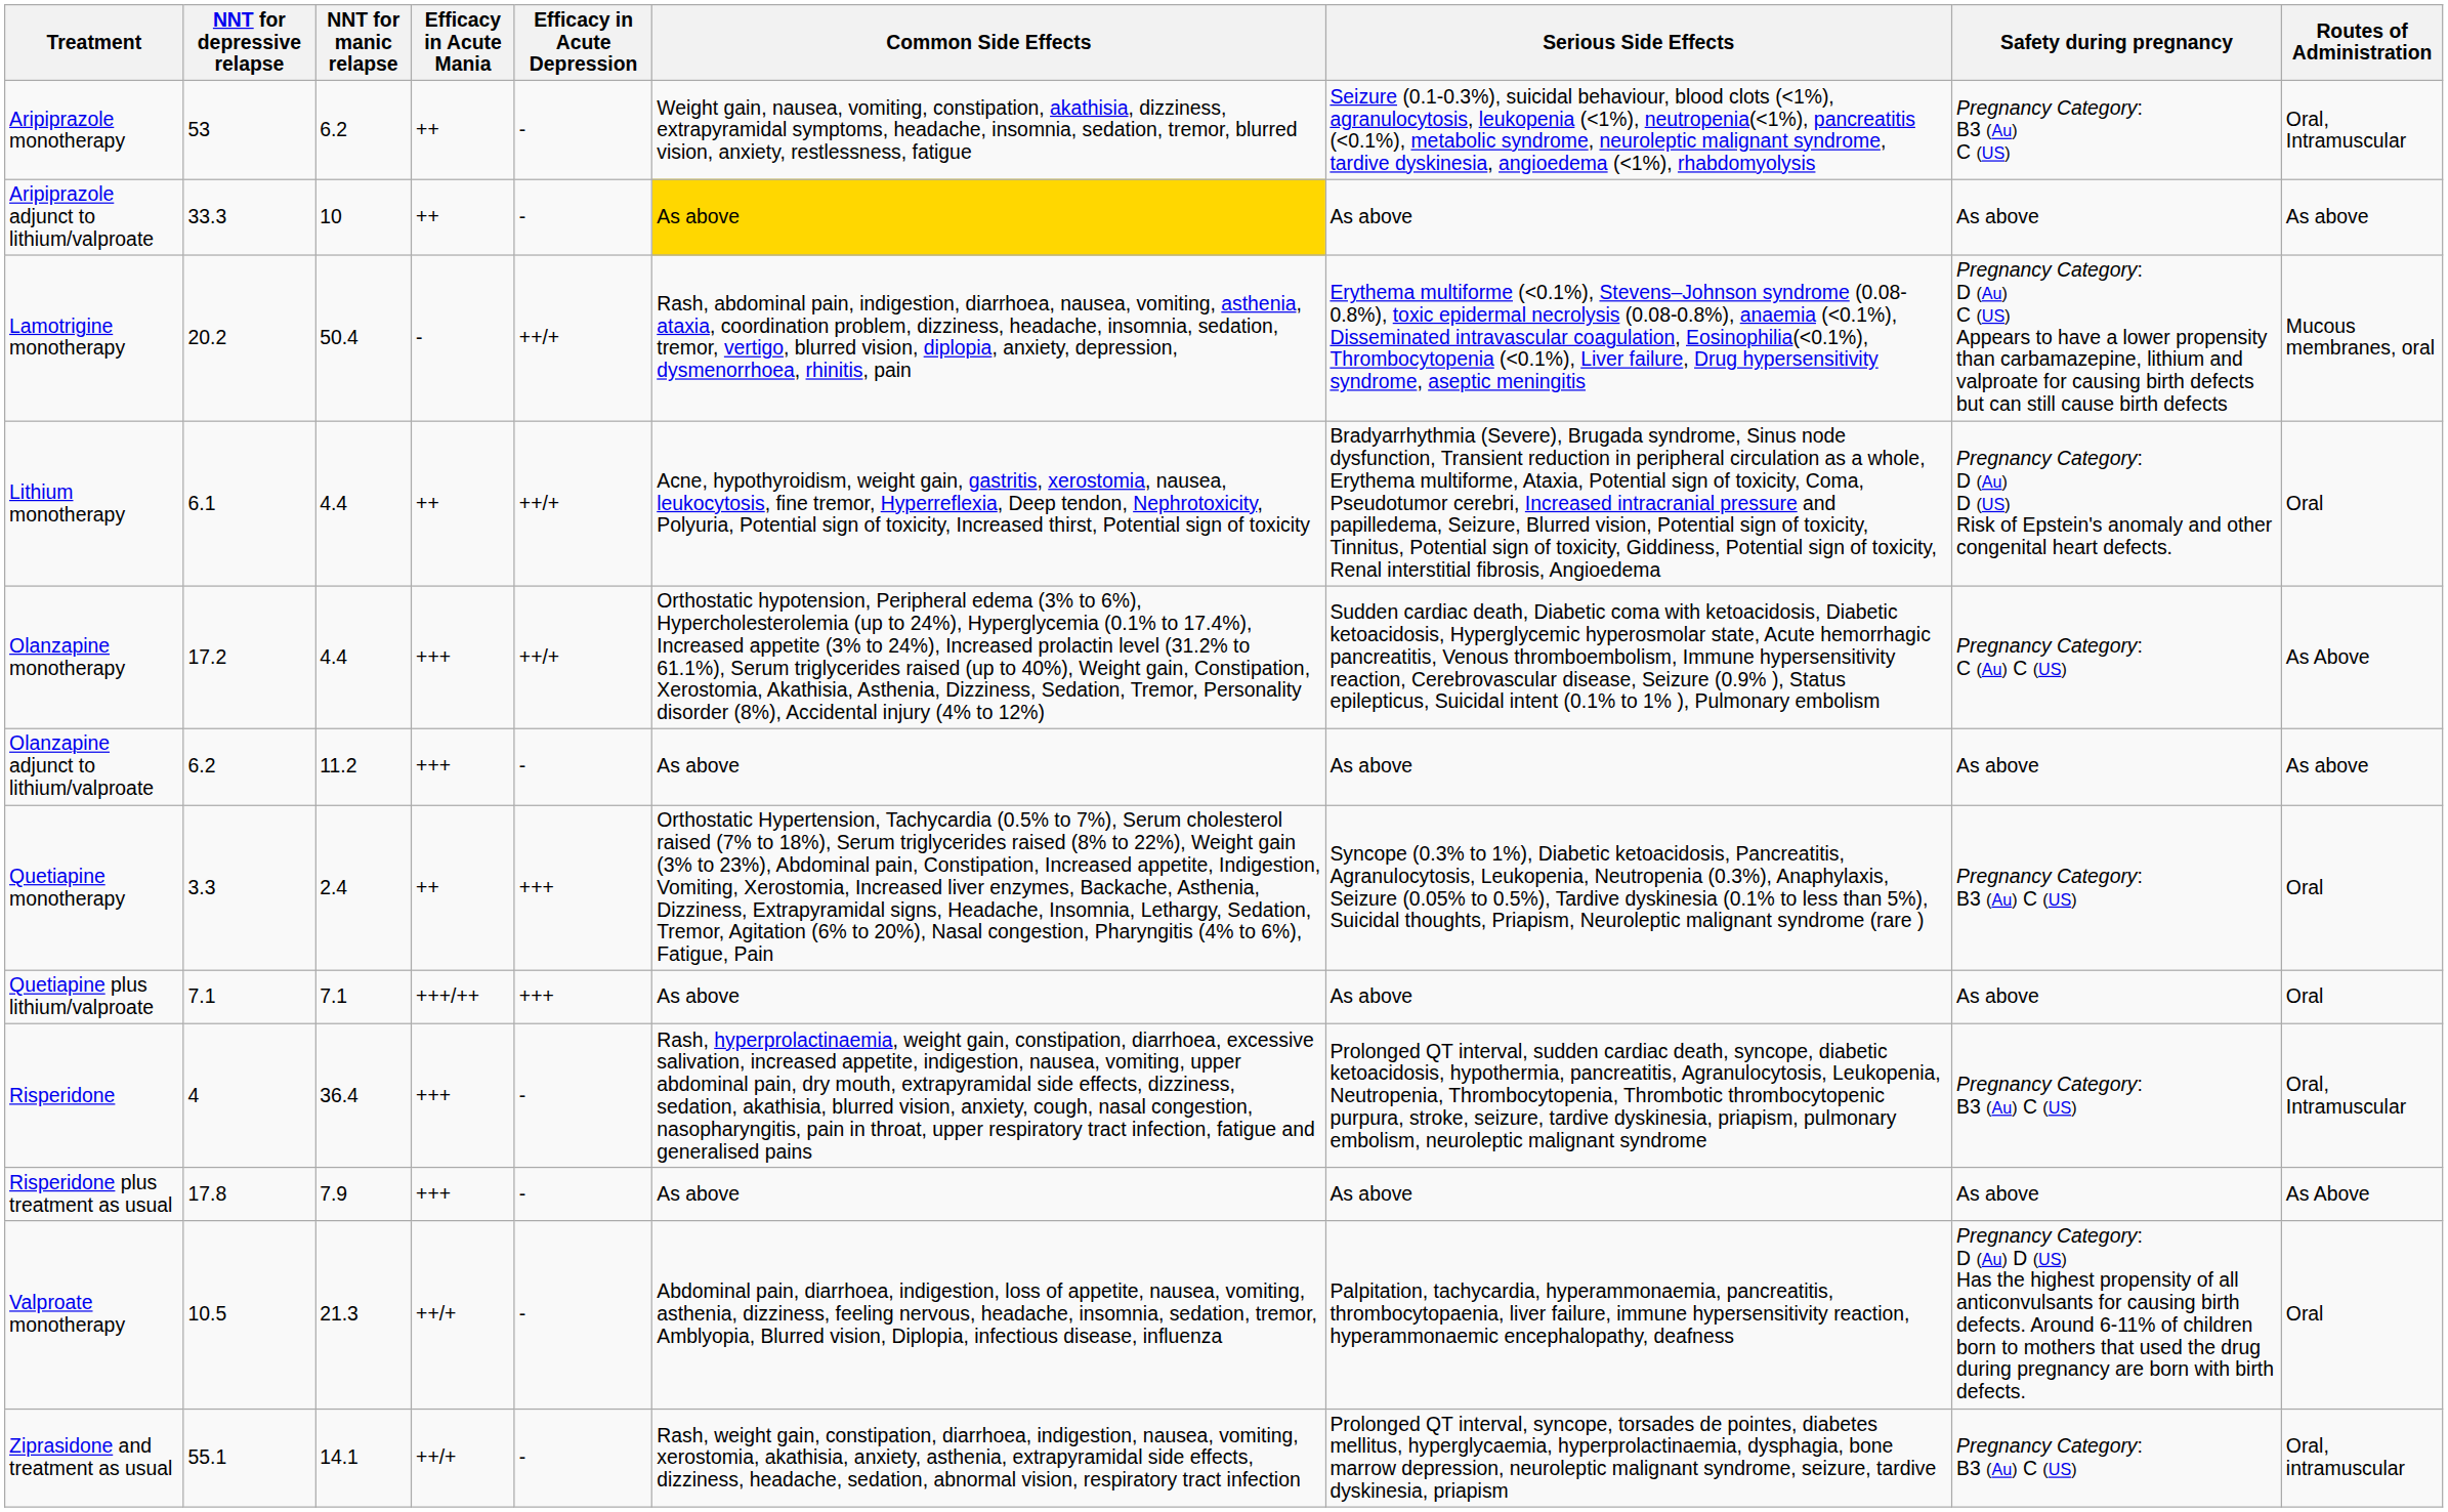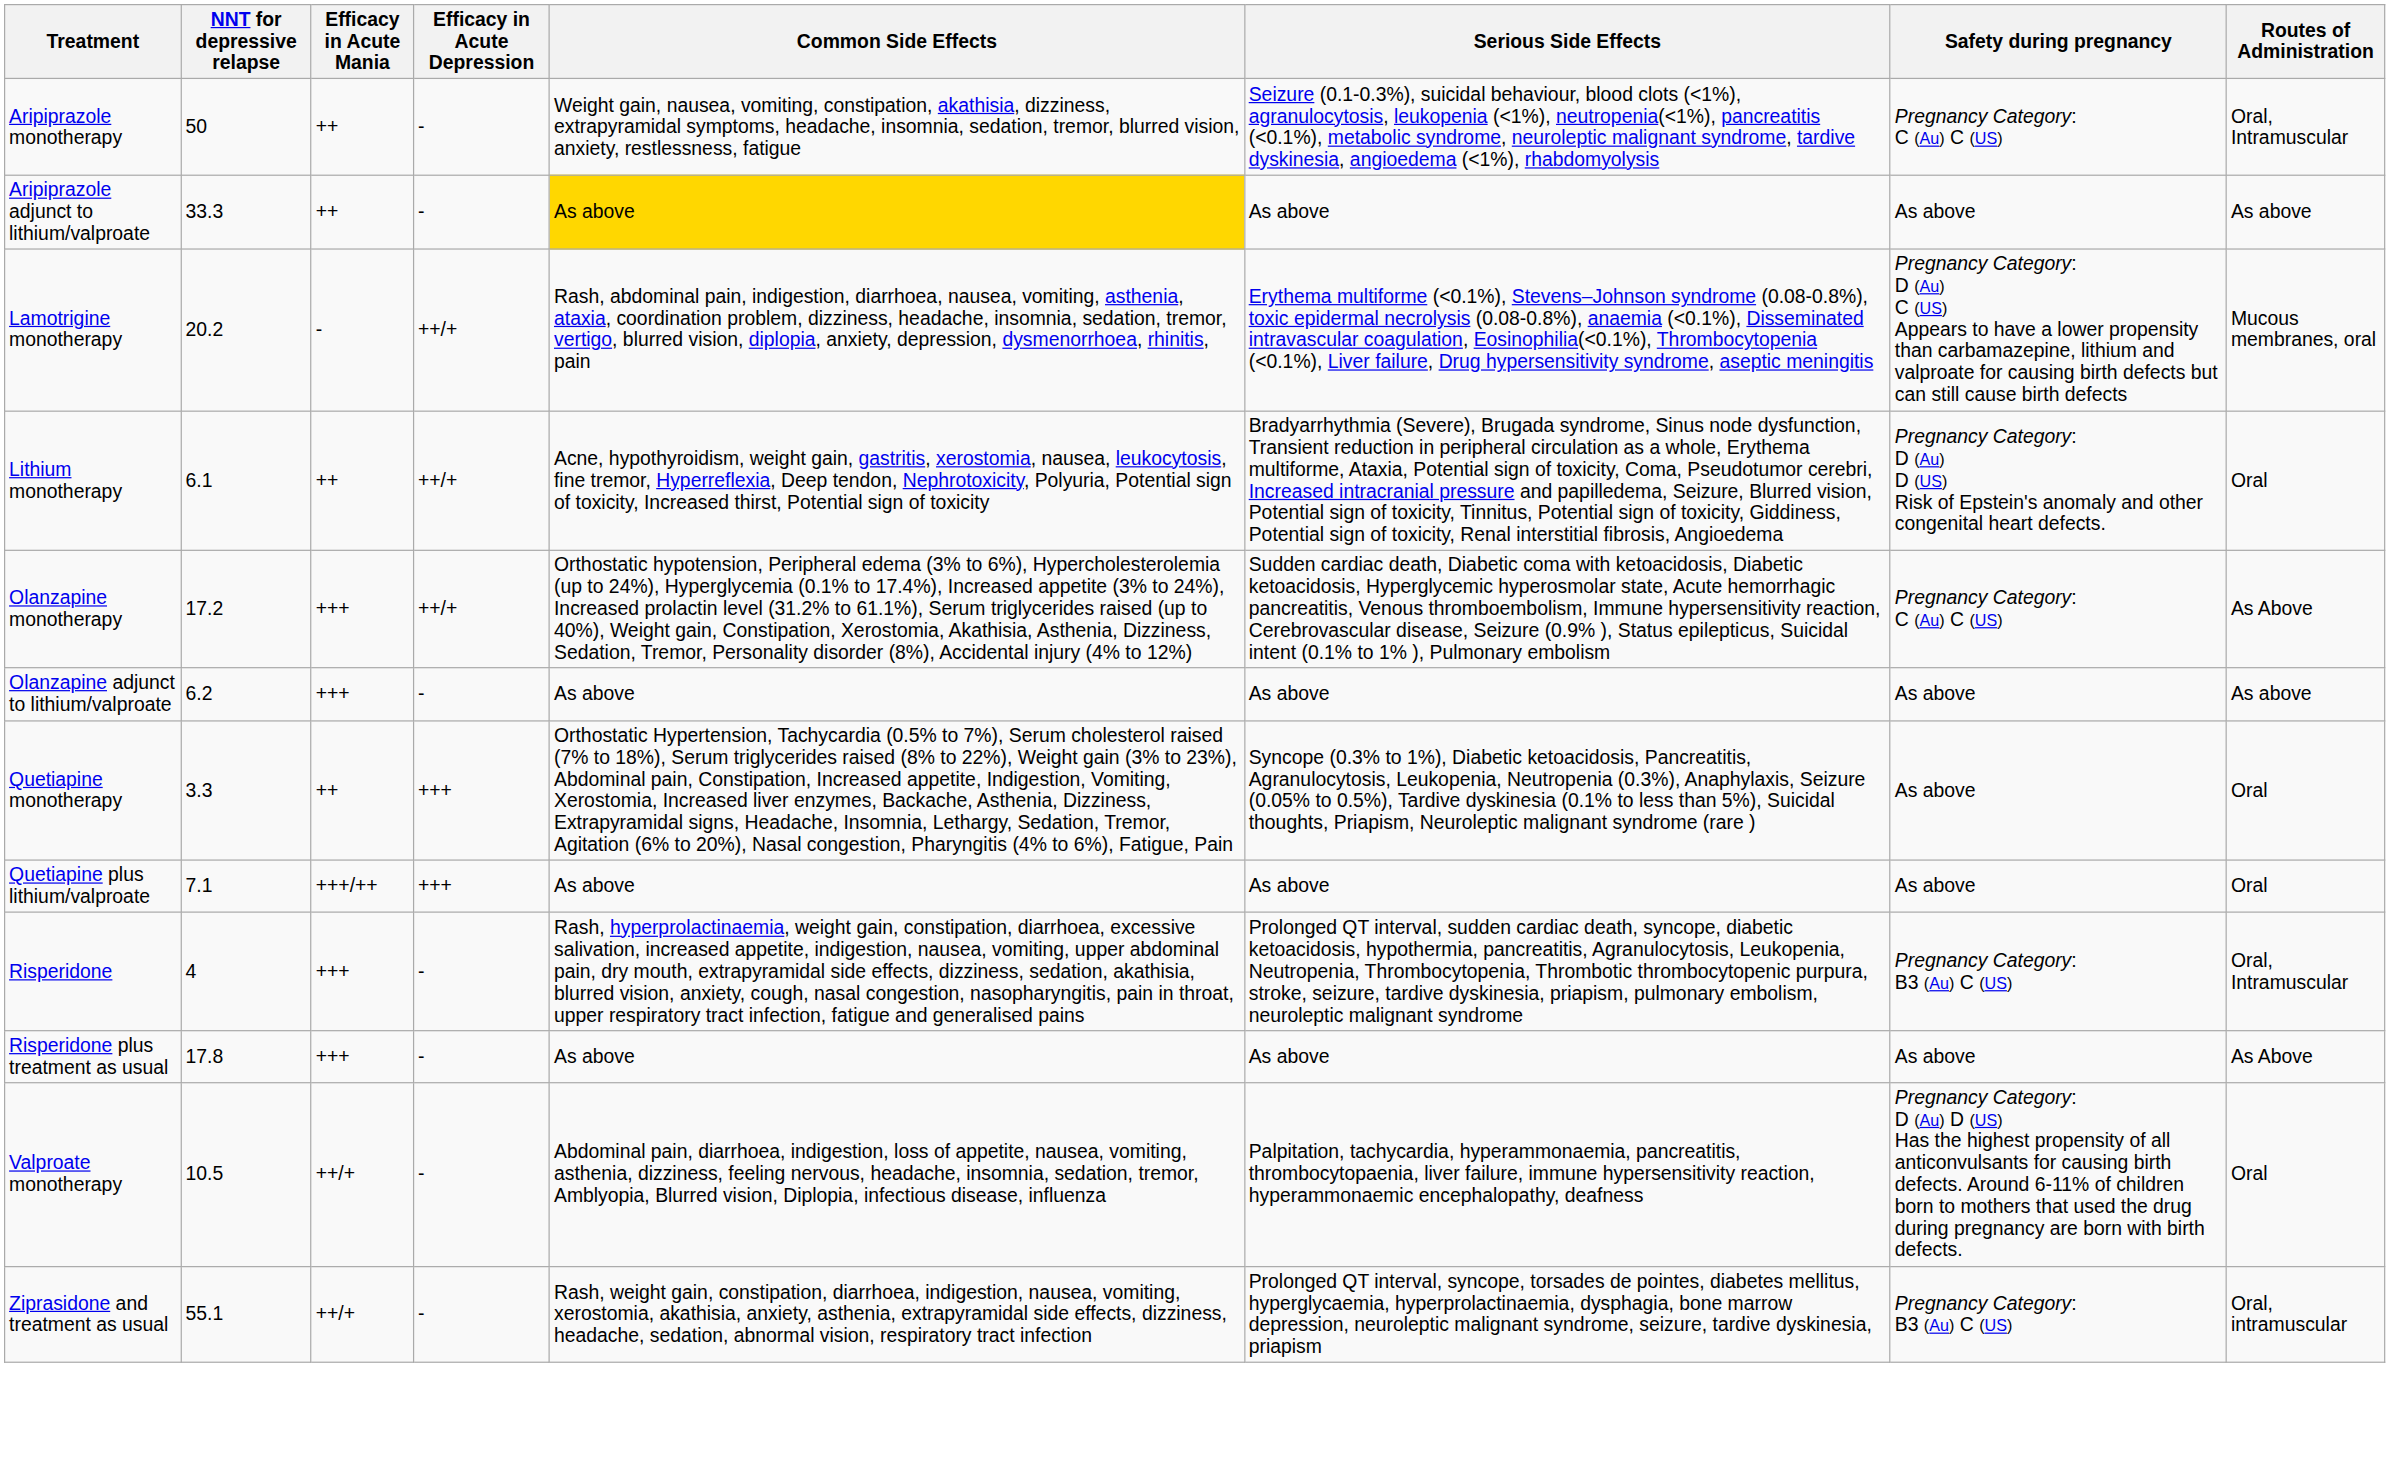 <table class="sortable wikitable">
 <tr>
 <th>Treatment</th>
 <th><a href='#'>NNT</a> for depressive relapse</th>
-<th>NNT for manic relapse</th>
 <th>Efficacy in Acute Mania</th>
 <th>Efficacy in Acute Depression</th>
 <th>Common Side Effects</th>
 <th>Serious Side Effects</th>
 <th>Safety during pregnancy</th>
 <th>Routes of Administration</th>
 </tr>
 <tr>
 <td><a href='#'>Aripiprazole</a> monotherapy</td>
-<td>53</td>
-<td>6.2</td>
+<td>50</td>
 <td>++</td>
 <td>-</td>
 <td>Weight gain, nausea, vomiting, constipation, <a href='#'>akathisia</a>, dizziness, extrapyramidal symptoms, headache, insomnia, sedation, tremor, blurred vision, anxiety, restlessness, fatigue</td>
 <td><a href='#'>Seizure</a> (0.1-0.3%), suicidal behaviour, blood clots (<1%), <a href='#'>agranulocytosis</a>, <a href='#'>leukopenia</a> (<1%), <a href='#'>neutropenia</a>(<1%), <a href='#'>pancreatitis</a> (<0.1%), <a href='#'>metabolic syndrome</a>, <a href='#'>neuroleptic malignant syndrome</a>, <a href='#'>tardive dyskinesia</a>, <a href='#'>angioedema</a> (<1%), <a href='#'>rhabdomyolysis</a></td>
-<td><em>Pregnancy Category</em>: <br>B3 <small>(<a href='#'>Au</a>)</small> <br>C <small>(<a href='#'>US</a>)</small></td>
+<td><em>Pregnancy Category</em>:<br>C <small>(<a href='#'>Au</a>)</small> C <small>(<a href='#'>US</a>)</small></td>
 <td>Oral, Intramuscular</td>
 </tr>
 <tr>
 <td><a href='#'>Aripiprazole</a> adjunct to lithium/valproate</td>
 <td>33.3</td>
-<td>10</td>
 <td>++</td>
 <td>-</td>
 <td style="background: gold;">As above</td>
 <td>As above</td>
 <td>As above</td>
 <td>As above</td>
 </tr>
 <tr>
 <td><a href='#'>Lamotrigine</a> monotherapy</td>
 <td>20.2</td>
-<td>50.4</td>
 <td>-</td>
 <td>++/+</td>
 <td>Rash, abdominal pain, indigestion, diarrhoea, nausea, vomiting, <a href='#'>asthenia</a>, <a href='#'>ataxia</a>, coordination problem, dizziness, headache, insomnia, sedation, tremor, <a href='#'>vertigo</a>, blurred vision, <a href='#'>diplopia</a>, anxiety, depression, <a href='#'>dysmenorrhoea</a>, <a href='#'>rhinitis</a>, pain</td>
 <td><a href='#'>Erythema multiforme</a> (<0.1%), <a href='#'>Stevens–Johnson syndrome</a> (0.08-0.8%), <a href='#'>toxic epidermal necrolysis</a> (0.08-0.8%), <a href='#'>anaemia</a> (<0.1%), <a href='#'>Disseminated intravascular coagulation</a>, <a href='#'>Eosinophilia</a>(<0.1%), <a href='#'>Thrombocytopenia</a> (<0.1%), <a href='#'>Liver failure</a>, <a href='#'>Drug hypersensitivity syndrome</a>, <a href='#'>aseptic meningitis</a></td>
 <td><em>Pregnancy Category</em>:<br>D <small>(<a href='#'>Au</a>)</small><br> C <small>(<a href='#'>US</a>)</small><br> Appears to have a lower propensity than carbamazepine, lithium and valproate for causing birth defects but can still cause birth defects</td>
 <td>Mucous membranes, oral</td>
 </tr>
 <tr>
 <td><a href='#'>Lithium</a> monotherapy</td>
 <td>6.1</td>
-<td>4.4</td>
 <td>++</td>
 <td>++/+</td>
 <td>Acne, hypothyroidism, weight gain, <a href='#'>gastritis</a>, <a href='#'>xerostomia</a>, nausea, <a href='#'>leukocytosis</a>, fine tremor, <a href='#'>Hyperreflexia</a>, Deep tendon, <a href='#'>Nephrotoxicity</a>, Polyuria, Potential sign of toxicity, Increased thirst, Potential sign of toxicity</td>
 <td>Bradyarrhythmia (Severe), Brugada syndrome, Sinus node dysfunction, Transient reduction in peripheral circulation as a whole, Erythema multiforme, Ataxia, Potential sign of toxicity, Coma, Pseudotumor cerebri, <a href='#'>Increased intracranial pressure</a> and papilledema, Seizure, Blurred vision, Potential sign of toxicity, Tinnitus, Potential sign of toxicity, Giddiness, Potential sign of toxicity, Renal interstitial fibrosis, Angioedema</td>
 <td><em>Pregnancy Category</em>:<br>D <small>(<a href='#'>Au</a>)</small><br> D <small>(<a href='#'>US</a>)</small><br> Risk of Epstein's anomaly and other congenital heart defects.</td>
 <td>Oral</td>
 </tr>
 <tr>
 <td><a href='#'>Olanzapine</a> monotherapy</td>
 <td>17.2</td>
-<td>4.4</td>
 <td>+++</td>
 <td>++/+</td>
 <td>Orthostatic hypotension, Peripheral edema (3% to 6%), Hypercholesterolemia (up to 24%), Hyperglycemia (0.1% to 17.4%), Increased appetite (3% to 24%), Increased prolactin level (31.2% to 61.1%), Serum triglycerides raised (up to 40%), Weight gain, Constipation, Xerostomia, Akathisia, Asthenia, Dizziness, Sedation, Tremor, Personality disorder (8%), Accidental injury (4% to 12%)</td>
 <td>Sudden cardiac death, Diabetic coma with ketoacidosis, Diabetic ketoacidosis, Hyperglycemic hyperosmolar state, Acute hemorrhagic pancreatitis, Venous thromboembolism, Immune hypersensitivity reaction, Cerebrovascular disease, Seizure (0.9% ), Status epilepticus, Suicidal intent (0.1% to 1% ), Pulmonary embolism</td>
 <td><em>Pregnancy Category</em>:<br>C <small>(<a href='#'>Au</a>)</small> C <small>(<a href='#'>US</a>)</small></td>
 <td>As Above</td>
 </tr>
 <tr>
 <td><a href='#'>Olanzapine</a> adjunct to lithium/valproate</td>
 <td>6.2</td>
-<td>11.2</td>
 <td>+++</td>
 <td>-</td>
 <td>As above</td>
 <td>As above</td>
 <td>As above</td>
 <td>As above</td>
 </tr>
 <tr>
 <td><a href='#'>Quetiapine</a> monotherapy</td>
 <td>3.3</td>
-<td>2.4</td>
 <td>++</td>
 <td>+++</td>
 <td>Orthostatic Hypertension, Tachycardia (0.5% to 7%), Serum cholesterol raised (7% to 18%), Serum triglycerides raised (8% to 22%), Weight gain (3% to 23%), Abdominal pain, Constipation, Increased appetite, Indigestion, Vomiting, Xerostomia, Increased liver enzymes, Backache, Asthenia, Dizziness, Extrapyramidal signs, Headache, Insomnia, Lethargy, Sedation, Tremor, Agitation (6% to 20%), Nasal congestion, Pharyngitis (4% to 6%), Fatigue, Pain</td>
 <td>Syncope (0.3% to 1%), Diabetic ketoacidosis, Pancreatitis, Agranulocytosis, Leukopenia, Neutropenia (0.3%), Anaphylaxis, Seizure (0.05% to 0.5%), Tardive dyskinesia (0.1% to less than 5%), Suicidal thoughts, Priapism, Neuroleptic malignant syndrome (rare )</td>
-<td><em>Pregnancy Category</em>:<br>B3 <small>(<a href='#'>Au</a>)</small> C <small>(<a href='#'>US</a>)</small></td>
+<td>As above</td>
 <td>Oral</td>
 </tr>
 <tr>
 <td><a href='#'>Quetiapine</a> plus lithium/valproate</td>
-<td>7.1</td>
 <td>7.1</td>
 <td>+++/++</td>
 <td>+++</td>
 <td>As above</td>
 <td>As above</td>
 <td>As above</td>
 <td>Oral</td>
 </tr>
 <tr>
 <td><a href='#'>Risperidone</a></td>
 <td>4</td>
-<td>36.4</td>
 <td>+++</td>
 <td>-</td>
 <td>Rash, <a href='#'>hyperprolactinaemia</a>, weight gain, constipation, diarrhoea, excessive salivation, increased appetite, indigestion, nausea, vomiting, upper abdominal pain, dry mouth, extrapyramidal side effects, dizziness, sedation, akathisia, blurred vision, anxiety, cough, nasal congestion, nasopharyngitis, pain in throat, upper respiratory tract infection, fatigue and generalised pains</td>
 <td>Prolonged QT interval, sudden cardiac death, syncope, diabetic ketoacidosis, hypothermia, pancreatitis, Agranulocytosis, Leukopenia, Neutropenia, Thrombocytopenia, Thrombotic thrombocytopenic purpura, stroke, seizure, tardive dyskinesia, priapism, pulmonary embolism, neuroleptic malignant syndrome</td>
 <td><em>Pregnancy Category</em>:<br>B3 <small>(<a href='#'>Au</a>)</small> C <small>(<a href='#'>US</a>)</small></td>
 <td>Oral, Intramuscular</td>
 </tr>
 <tr>
 <td><a href='#'>Risperidone</a> plus treatment as usual</td>
 <td>17.8</td>
-<td>7.9</td>
 <td>+++</td>
 <td>-</td>
 <td>As above</td>
 <td>As above</td>
 <td>As above</td>
 <td>As Above</td>
 </tr>
 <tr>
 <td><a href='#'>Valproate</a> monotherapy</td>
 <td>10.5</td>
-<td>21.3</td>
 <td>++/+</td>
 <td>-</td>
 <td>Abdominal pain, diarrhoea, indigestion, loss of appetite, nausea, vomiting, asthenia, dizziness, feeling nervous, headache, insomnia, sedation, tremor, Amblyopia, Blurred vision, Diplopia, infectious disease, influenza</td>
 <td>Palpitation, tachycardia, hyperammonaemia, pancreatitis, thrombocytopaenia, liver failure, immune hypersensitivity reaction, hyperammonaemic encephalopathy, deafness</td>
 <td><em>Pregnancy Category</em>:<br>D <small>(<a href='#'>Au</a>)</small> D <small>(<a href='#'>US</a>)</small><br>Has the highest propensity of all anticonvulsants for causing birth defects. Around 6-11% of children born to mothers that used the drug during pregnancy are born with birth defects.</td>
 <td>Oral</td>
 </tr>
 <tr>
 <td><a href='#'>Ziprasidone</a> and treatment as usual</td>
 <td>55.1</td>
-<td>14.1</td>
 <td>++/+</td>
 <td>-</td>
 <td>Rash, weight gain, constipation, diarrhoea, indigestion, nausea, vomiting, xerostomia, akathisia, anxiety, asthenia, extrapyramidal side effects, dizziness, headache, sedation, abnormal vision, respiratory tract infection</td>
 <td>Prolonged QT interval, syncope, torsades de pointes, diabetes mellitus, hyperglycaemia, hyperprolactinaemia, dysphagia, bone marrow depression, neuroleptic malignant syndrome, seizure, tardive dyskinesia, priapism</td>
 <td><em>Pregnancy Category</em>:<br>B3 <small>(<a href='#'>Au</a>)</small> C <small>(<a href='#'>US</a>)</small></td>
 <td>Oral, intramuscular</td>
 </tr>
 </table>
